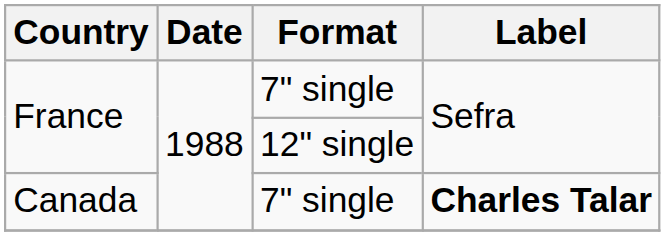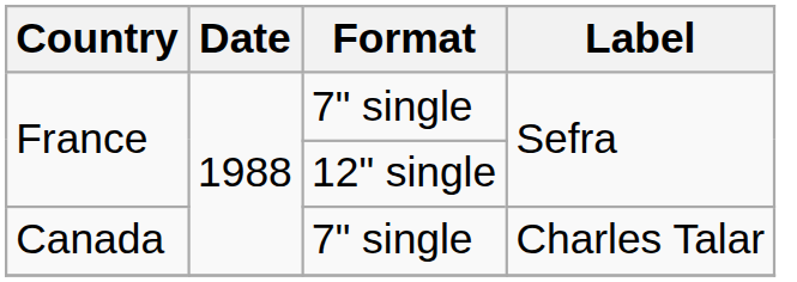 <table class=wikitable>
 <tr>
 <th>Country</th>
 <th>Date</th>
 <th>Format</th>
 <th>Label</th>
 </tr>
 <tr>
 <td rowspan="2">France</td>
 <td rowspan="3">1988</td>
 <td>7" single</td>
 <td rowspan="2">Sefra</td>
 </tr>
 <tr>
 <td>12" single</td>
 </tr>
 <tr>
 <td>Canada</td>
 <td>7" single</td>
-<td><strong>Charles Talar</strong></td>
+<td>Charles Talar</td>
 </tr>
 <tr>
 </tr>
 </table>
